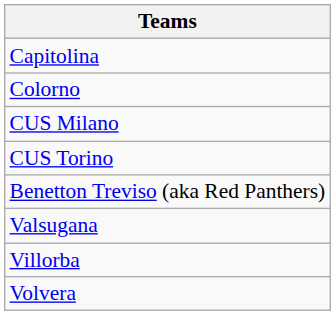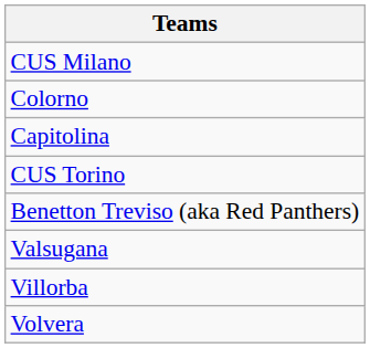 <table class="wikitable">
 <tr align=centre>
 <th>Teams</th>
 </tr>
 <tr>
-<td><a href='#'>Capitolina</a></td>
+<td><a href='#'>CUS Milano</a></td>
 </tr>
 <tr>
 <td><a href='#'>Colorno</a></td>
 </tr>
 <tr>
-<td><a href='#'>CUS Milano</a></td>
+<td><a href='#'>Capitolina</a></td>
 </tr>
 <tr>
 <td><a href='#'>CUS Torino</a></td>
 </tr>
 <tr>
 <td><a href='#'>Benetton Treviso</a> (aka Red Panthers)</td>
 </tr>
 <tr>
 <td><a href='#'>Valsugana</a></td>
 </tr>
 <tr>
 <td><a href='#'>Villorba</a></td>
 </tr>
 <tr>
 <td><a href='#'>Volvera</a></td>
 </tr>
 </table>
